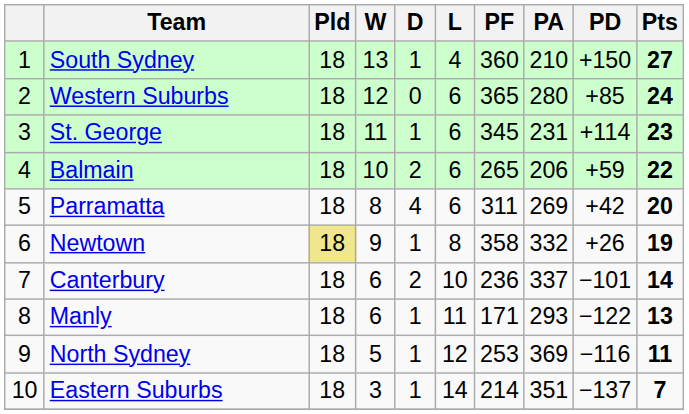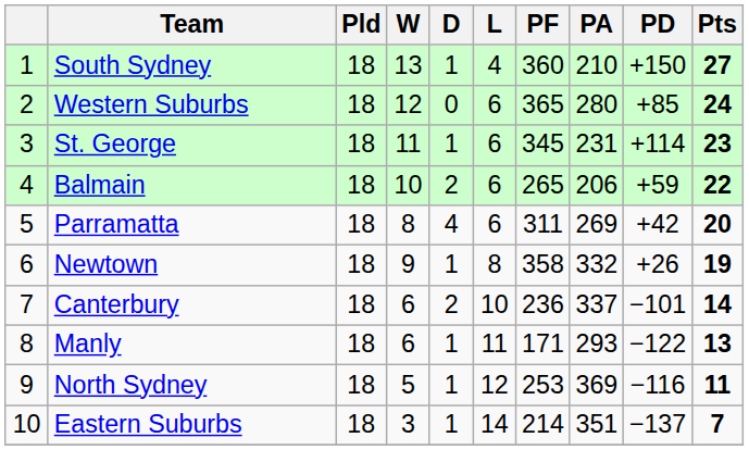 <table class="wikitable" style="text-align:center;">
 <tr>
 <th width=20 abbr="Position"></th>
 <th width=175>Team</th>
 <th width=20 abbr="Played">Pld</th>
 <th width=20 abbr="Won">W</th>
 <th width=20 abbr="Drawn">D</th>
 <th width=20 abbr="Lost">L</th>
 <th width=20 abbr="Points for">PF</th>
 <th width=20 abbr="Points against">PA</th>
 <th width=20 abbr="Points difference">PD</th>
 <th width=20 abbr="Points">Pts</th>
 </tr>
 <tr style="background: #ccffcc;">
 <td>1</td>
 <td style="text-align:left;"> <a href='#'>South Sydney</a></td>
 <td>18</td>
 <td>13</td>
 <td>1</td>
 <td>4</td>
 <td>360</td>
 <td>210</td>
 <td>+150</td>
 <td><strong>27</strong></td>
 </tr>
 <tr style="background: #ccffcc;">
 <td>2</td>
 <td style="text-align:left;"> <a href='#'>Western Suburbs</a></td>
 <td>18</td>
 <td>12</td>
 <td>0</td>
 <td>6</td>
 <td>365</td>
 <td>280</td>
 <td>+85</td>
 <td><strong>24</strong></td>
 </tr>
 <tr style="background: #ccffcc;">
 <td>3</td>
 <td style="text-align:left;"> <a href='#'>St. George</a></td>
 <td>18</td>
 <td>11</td>
 <td>1</td>
 <td>6</td>
 <td>345</td>
 <td>231</td>
 <td>+114</td>
 <td><strong>23</strong></td>
 </tr>
 <tr style="background: #ccffcc;">
 <td>4</td>
 <td style="text-align:left;"> <a href='#'>Balmain</a></td>
 <td>18</td>
 <td>10</td>
 <td>2</td>
 <td>6</td>
 <td>265</td>
 <td>206</td>
 <td>+59</td>
 <td><strong>22</strong></td>
 </tr>
 <tr>
 <td>5</td>
 <td style="text-align:left;"> <a href='#'>Parramatta</a></td>
 <td>18</td>
 <td>8</td>
 <td>4</td>
 <td>6</td>
 <td>311</td>
 <td>269</td>
 <td>+42</td>
 <td><strong>20</strong></td>
 </tr>
 <tr>
 <td>6</td>
 <td style="text-align:left;"> <a href='#'>Newtown</a></td>
-<td style="background: khaki;">18</td>
+<td>18</td>
 <td>9</td>
 <td>1</td>
 <td>8</td>
 <td>358</td>
 <td>332</td>
 <td>+26</td>
 <td><strong>19</strong></td>
 </tr>
 <tr>
 <td>7</td>
 <td style="text-align:left;"> <a href='#'>Canterbury</a></td>
 <td>18</td>
 <td>6</td>
 <td>2</td>
 <td>10</td>
 <td>236</td>
 <td>337</td>
 <td>−101</td>
 <td><strong>14</strong></td>
 </tr>
 <tr>
 <td>8</td>
 <td style="text-align:left;"> <a href='#'>Manly</a></td>
 <td>18</td>
 <td>6</td>
 <td>1</td>
 <td>11</td>
 <td>171</td>
 <td>293</td>
 <td>−122</td>
 <td><strong>13</strong></td>
 </tr>
 <tr>
 <td>9</td>
 <td style="text-align:left;"> <a href='#'>North Sydney</a></td>
 <td>18</td>
 <td>5</td>
 <td>1</td>
 <td>12</td>
 <td>253</td>
 <td>369</td>
 <td>−116</td>
 <td><strong>11</strong></td>
 </tr>
 <tr>
 <td>10</td>
 <td style="text-align:left;"> <a href='#'>Eastern Suburbs</a></td>
 <td>18</td>
 <td>3</td>
 <td>1</td>
 <td>14</td>
 <td>214</td>
 <td>351</td>
 <td>−137</td>
 <td><strong>7</strong></td>
 </tr>
 <tr>
 </tr>
 </table>
